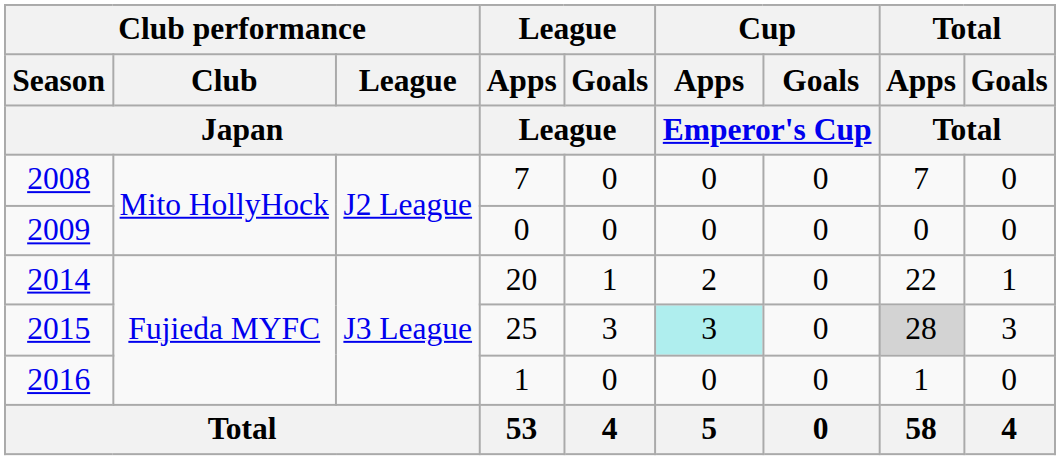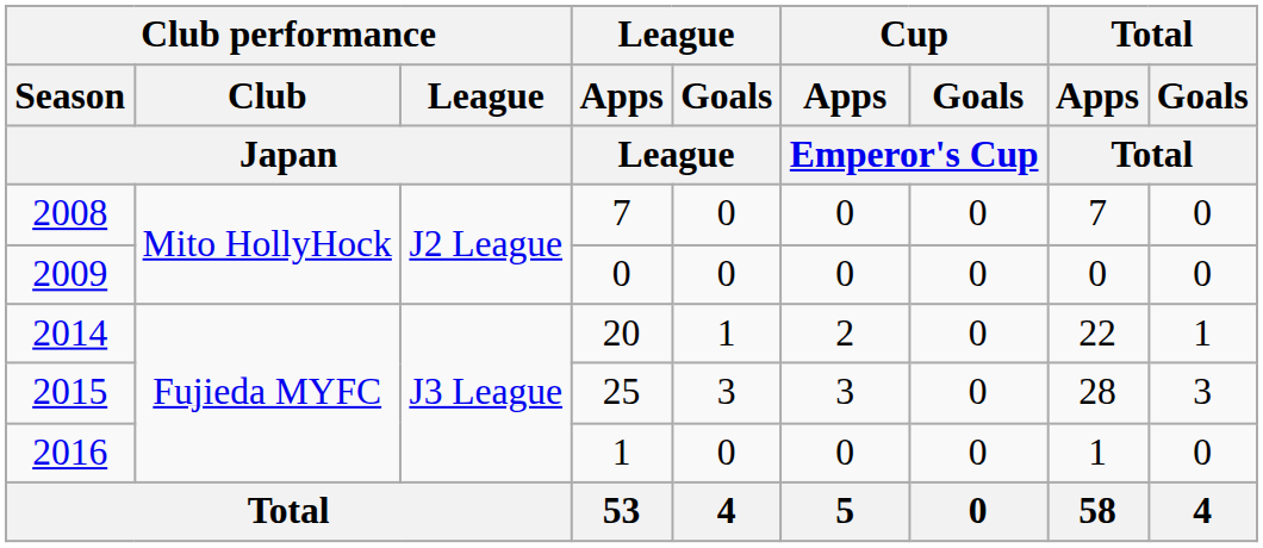 <table class="wikitable" style="text-align:center;">
 <tr>
 <th colspan=3>Club performance</th>
 <th colspan=2>League</th>
 <th colspan=2>Cup</th>
 <th colspan=2>Total</th>
 </tr>
 <tr>
 <th>Season</th>
 <th>Club</th>
 <th>League</th>
 <th>Apps</th>
 <th>Goals</th>
 <th>Apps</th>
 <th>Goals</th>
 <th>Apps</th>
 <th>Goals</th>
 </tr>
 <tr>
 <th colspan=3>Japan</th>
 <th colspan=2>League</th>
 <th colspan=2><a href='#'>Emperor's Cup</a></th>
 <th colspan=2>Total</th>
 </tr>
 <tr>
 <td><a href='#'>2008</a></td>
 <td rowspan="2"><a href='#'>Mito HollyHock</a></td>
 <td rowspan="2"><a href='#'>J2 League</a></td>
 <td>7</td>
 <td>0</td>
 <td>0</td>
 <td>0</td>
 <td>7</td>
 <td>0</td>
 </tr>
 <tr>
 <td><a href='#'>2009</a></td>
 <td>0</td>
 <td>0</td>
 <td>0</td>
 <td>0</td>
 <td>0</td>
 <td>0</td>
 </tr>
 <tr>
 <td><a href='#'>2014</a></td>
 <td rowspan="3"><a href='#'>Fujieda MYFC</a></td>
 <td rowspan="3"><a href='#'>J3 League</a></td>
 <td>20</td>
 <td>1</td>
 <td>2</td>
 <td>0</td>
 <td>22</td>
 <td>1</td>
 </tr>
 <tr>
 <td><a href='#'>2015</a></td>
 <td>25</td>
 <td>3</td>
-<td style="background: paleturquoise;">3</td>
+<td>3</td>
 <td>0</td>
-<td style="background: lightgrey;">28</td>
+<td>28</td>
 <td>3</td>
 </tr>
 <tr>
 <td><a href='#'>2016</a></td>
 <td>1</td>
 <td>0</td>
 <td>0</td>
 <td>0</td>
 <td>1</td>
 <td>0</td>
 </tr>
 <tr>
 <th colspan=3>Total</th>
 <th>53</th>
 <th>4</th>
 <th>5</th>
 <th>0</th>
 <th>58</th>
 <th>4</th>
 </tr>
 </table>
